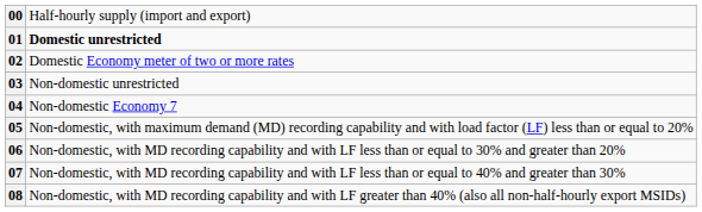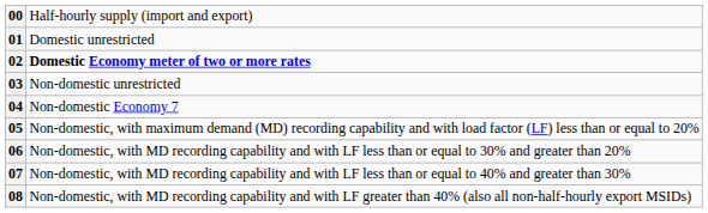 <table class="wikitable">
 <tr>
 <th>00</th>
 <td>Half-hourly supply (import and export)</td>
 </tr>
 <tr>
 <th>01</th>
-<td><strong>Domestic unrestricted</strong></td>
+<td>Domestic unrestricted</td>
 </tr>
 <tr>
 <th>02</th>
-<td>Domestic <a href='#'>Economy meter of two or more rates</a></td>
+<td><strong>Domestic <a href='#'>Economy meter of two or more rates</a></strong></td>
 </tr>
 <tr>
 <th>03</th>
 <td>Non-domestic unrestricted</td>
 </tr>
 <tr>
 <th>04</th>
 <td>Non-domestic <a href='#'>Economy 7</a></td>
 </tr>
 <tr>
 <th>05</th>
 <td>Non-domestic, with maximum demand (MD) recording capability and with load factor (<a href='#'>LF</a>) less than or equal to 20%</td>
 </tr>
 <tr>
 <th>06</th>
 <td>Non-domestic, with MD recording capability and with LF less than or equal to 30% and greater than 20%</td>
 </tr>
 <tr>
 <th>07</th>
 <td>Non-domestic, with MD recording capability and with LF less than or equal to 40% and greater than 30%</td>
 </tr>
 <tr>
 <th>08</th>
 <td>Non-domestic, with MD recording capability and with LF greater than 40% (also all non-half-hourly export MSIDs)</td>
 </tr>
 </table>
